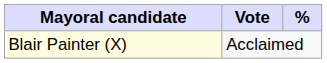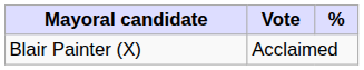 <table class="wikitable">
 <tr>
 <th style="background:#ddf; width:200px;">Mayoral candidate</th>
 <th style="background:#ddf; width:50px;">Vote</th>
 <th style="background:#ddf; width:30px;">%</th>
 </tr>
 <tr>
-<td style="background: lightyellow;">Blair Painter (X)</td>
+<td>Blair Painter (X)</td>
 <td colspan="2">Acclaimed</td>
 </tr>
 </table>
